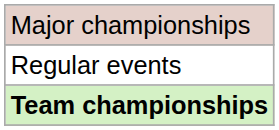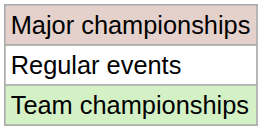 <table class=wikitable style="font-size:95%">
 <tr style="background:#e5d1cb;">
 <td>Major championships</td>
 </tr>
 <tr style="background:#fff;">
 <td>Regular events</td>
 </tr>
 <tr style="background:#D4F1C5;">
-<td><strong>Team championships</strong></td>
+<td>Team championships</td>
 </tr>
 </table>
